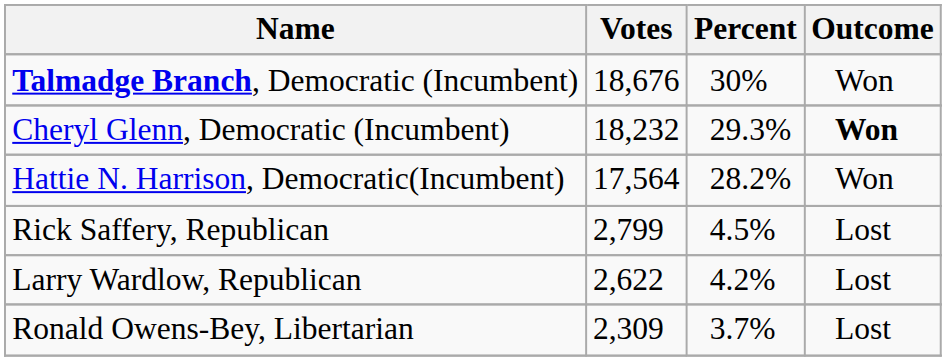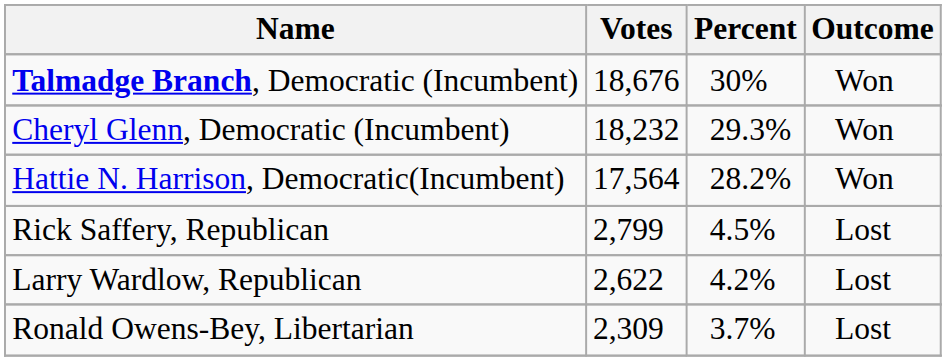 <table class="wikitable">
 <tr>
 <th>Name</th>
 <th>Votes</th>
 <th>Percent</th>
 <th>Outcome</th>
 </tr>
 <tr>
 </tr>
 <tr>
 <td><strong><a href='#'>Talmadge Branch</a></strong>, Democratic (Incumbent)</td>
 <td>18,676</td>
 <td>  30%</td>
 <td>   Won</td>
 </tr>
 <tr>
 </tr>
 <tr>
 <td><a href='#'>Cheryl Glenn</a>, Democratic (Incumbent)</td>
 <td>18,232</td>
 <td>  29.3%</td>
-<td><strong>   Won</strong></td>
+<td>   Won</td>
 </tr>
 <tr>
 </tr>
 <tr>
 <td><a href='#'>Hattie N. Harrison</a>, Democratic(Incumbent)</td>
 <td>17,564</td>
 <td>  28.2%</td>
 <td>   Won</td>
 </tr>
 <tr>
 </tr>
 <tr>
 <td>Rick Saffery, Republican</td>
 <td>2,799</td>
 <td>  4.5%</td>
 <td>   Lost</td>
 </tr>
 <tr>
 </tr>
 <tr>
 <td>Larry Wardlow, Republican</td>
 <td>2,622</td>
 <td>  4.2%</td>
 <td>   Lost</td>
 </tr>
 <tr>
 </tr>
 <tr>
 <td>Ronald Owens-Bey, Libertarian</td>
 <td>2,309</td>
 <td>  3.7%</td>
 <td>   Lost</td>
 </tr>
 <tr>
 </tr>
 </table>
